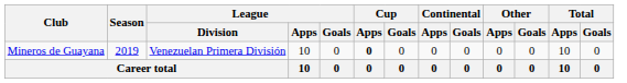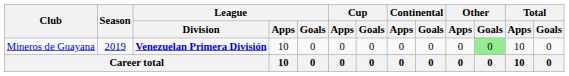 <table class="wikitable" style="text-align: center">
 <tr>
 <th rowspan="2">Club</th>
 <th rowspan="2">Season</th>
 <th colspan="3">League</th>
 <th colspan="2">Cup</th>
 <th colspan="2">Continental</th>
 <th colspan="2">Other</th>
 <th colspan="2">Total</th>
 </tr>
 <tr>
 <th>Division</th>
 <th>Apps</th>
 <th>Goals</th>
 <th>Apps</th>
 <th>Goals</th>
 <th>Apps</th>
 <th>Goals</th>
 <th>Apps</th>
 <th>Goals</th>
 <th>Apps</th>
 <th>Goals</th>
 </tr>
 <tr>
 <td><a href='#'>Mineros de Guayana</a></td>
 <td><a href='#'>2019</a></td>
-<td><a href='#'>Venezuelan Primera División</a></td>
+<td><strong><a href='#'>Venezuelan Primera División</a></strong></td>
 <td>10</td>
-<td>0</td>
-<td><strong>0</strong></td>
 <td>0</td>
 <td>0</td>
 <td>0</td>
 <td>0</td>
 <td>0</td>
+<td>0</td>
+<td style="background: lightgreen;">0</td>
 <td>10</td>
 <td>0</td>
 </tr>
 <tr>
 <th colspan="3"><strong>Career total</strong></th>
 <th>10</th>
 <th>0</th>
 <th>0</th>
 <th>0</th>
 <th>0</th>
 <th>0</th>
 <th>0</th>
 <th>0</th>
 <th>10</th>
 <th>0</th>
 </tr>
 </table>
